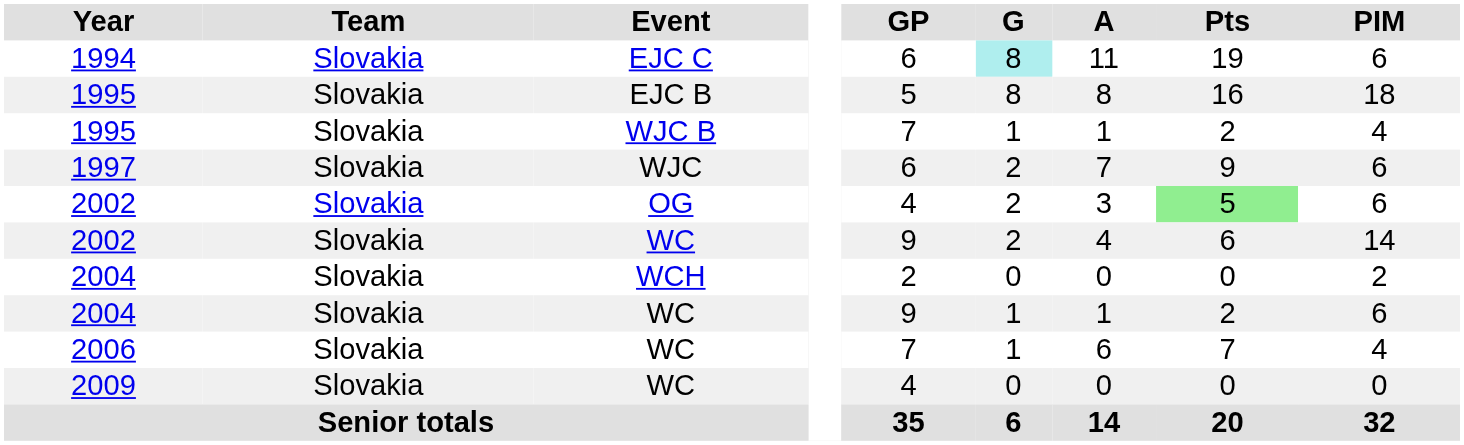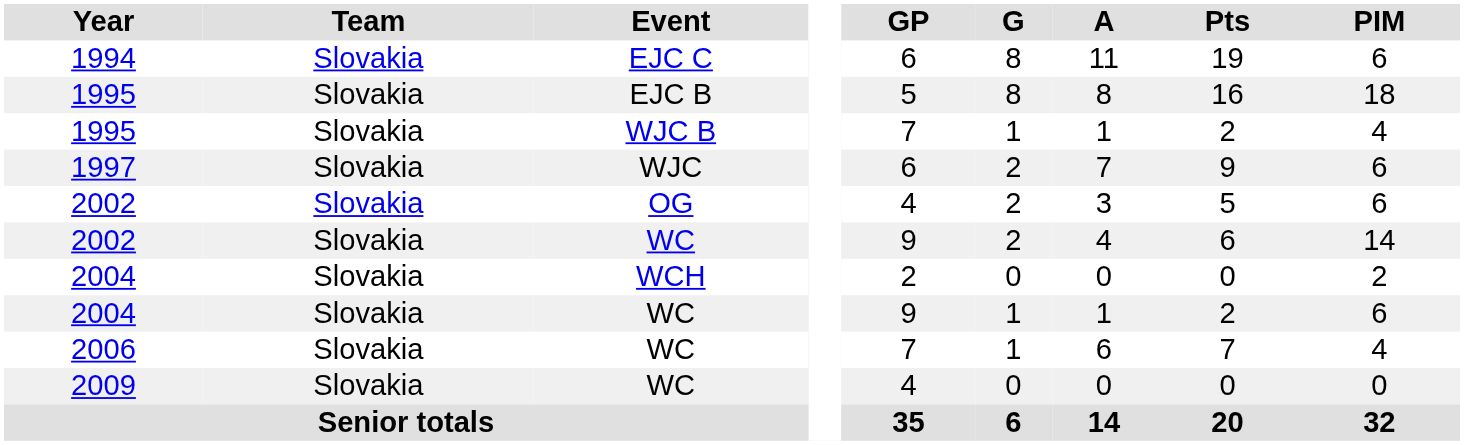 <table border="0" cellpadding="1" cellspacing="0" style="text-align:center; width:50em">
 <tr align="center" bgcolor="#e0e0e0">
 <th>Year</th>
 <th>Team</th>
 <th>Event</th>
 <th rowspan="99" bgcolor="#ffffff"> </th>
 <th>GP</th>
 <th>G</th>
 <th>A</th>
 <th>Pts</th>
 <th>PIM</th>
 </tr>
 <tr>
 <td><a href='#'>1994</a></td>
 <td><a href='#'>Slovakia</a></td>
 <td><a href='#'>EJC C</a></td>
 <td>6</td>
-<td style="background: paleturquoise;">8</td>
+<td>8</td>
 <td>11</td>
 <td>19</td>
 <td>6</td>
 </tr>
 <tr bgcolor="#f0f0f0">
 <td><a href='#'>1995</a></td>
 <td>Slovakia</td>
 <td>EJC B</td>
 <td>5</td>
 <td>8</td>
 <td>8</td>
 <td>16</td>
 <td>18</td>
 </tr>
 <tr>
 <td><a href='#'>1995</a></td>
 <td>Slovakia</td>
 <td><a href='#'>WJC B</a></td>
 <td>7</td>
 <td>1</td>
 <td>1</td>
 <td>2</td>
 <td>4</td>
 </tr>
 <tr bgcolor="#f0f0f0">
 <td><a href='#'>1997</a></td>
 <td>Slovakia</td>
 <td>WJC</td>
 <td>6</td>
 <td>2</td>
 <td>7</td>
 <td>9</td>
 <td>6</td>
 </tr>
 <tr>
 <td><a href='#'>2002</a></td>
 <td><a href='#'>Slovakia</a></td>
 <td><a href='#'>OG</a></td>
 <td>4</td>
 <td>2</td>
 <td>3</td>
-<td style="background: lightgreen;">5</td>
+<td>5</td>
 <td>6</td>
 </tr>
 <tr bgcolor="#f0f0f0">
 <td><a href='#'>2002</a></td>
 <td>Slovakia</td>
 <td><a href='#'>WC</a></td>
 <td>9</td>
 <td>2</td>
 <td>4</td>
 <td>6</td>
 <td>14</td>
 </tr>
 <tr>
 <td><a href='#'>2004</a></td>
 <td>Slovakia</td>
 <td><a href='#'>WCH</a></td>
 <td>2</td>
 <td>0</td>
 <td>0</td>
 <td>0</td>
 <td>2</td>
 </tr>
 <tr bgcolor="#f0f0f0">
 <td><a href='#'>2004</a></td>
 <td>Slovakia</td>
 <td>WC</td>
 <td>9</td>
 <td>1</td>
 <td>1</td>
 <td>2</td>
 <td>6</td>
 </tr>
 <tr>
 <td><a href='#'>2006</a></td>
 <td>Slovakia</td>
 <td>WC</td>
 <td>7</td>
 <td>1</td>
 <td>6</td>
 <td>7</td>
 <td>4</td>
 </tr>
 <tr bgcolor="#f0f0f0">
 <td><a href='#'>2009</a></td>
 <td>Slovakia</td>
 <td>WC</td>
 <td>4</td>
 <td>0</td>
 <td>0</td>
 <td>0</td>
 <td>0</td>
 </tr>
 <tr bgcolor="#e0e0e0">
 <th colspan=3>Senior totals</th>
 <th>35</th>
 <th>6</th>
 <th>14</th>
 <th>20</th>
 <th>32</th>
 </tr>
 </table>
